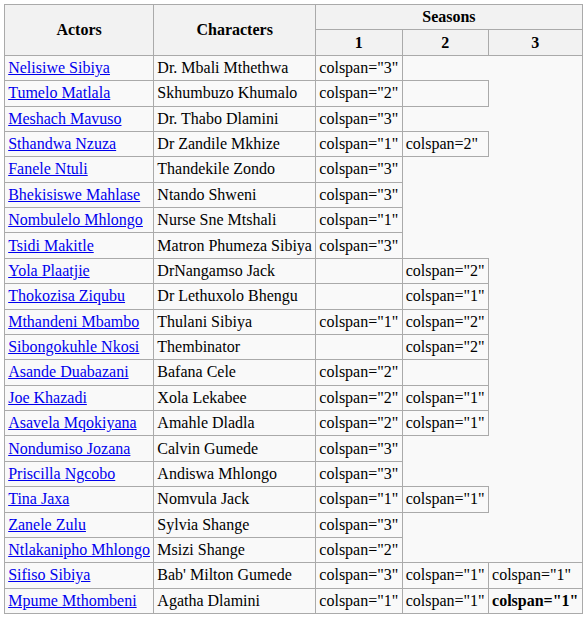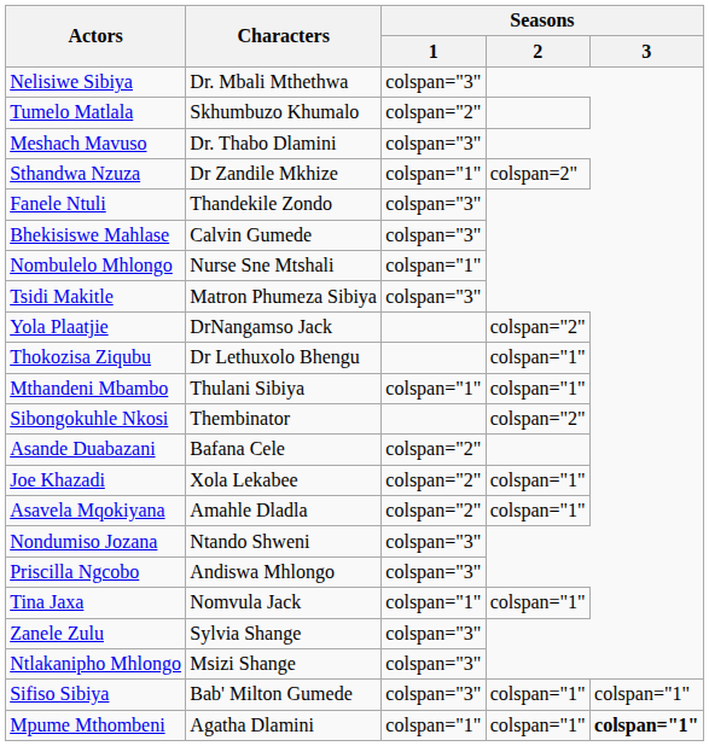 <table class="wikitable">
 <tr>
 <th rowspan="2">Actors</th>
 <th rowspan="2">Characters</th>
 <th colspan="3">Seasons</th>
 </tr>
 <tr>
 <th>1</th>
 <th>2</th>
 <th>3</th>
 </tr>
 <tr>
 <td><a href='#'>Nelisiwe Sibiya</a></td>
 <td>Dr. Mbali Mthethwa</td>
 <td>colspan="3" </td>
 </tr>
 <tr>
 <td><a href='#'>Tumelo Matlala</a></td>
 <td>Skhumbuzo Khumalo</td>
 <td>colspan="2" </td>
 <td></td>
 </tr>
 <tr>
 <td><a href='#'>Meshach Mavuso</a></td>
 <td>Dr. Thabo Dlamini</td>
 <td>colspan="3" </td>
 </tr>
 <tr>
 <td><a href='#'>Sthandwa Nzuza</a></td>
 <td>Dr Zandile Mkhize</td>
 <td>colspan="1" </td>
 <td>colspan=2" </td>
 </tr>
 <tr>
 <td><a href='#'>Fanele Ntuli</a></td>
 <td>Thandekile Zondo</td>
 <td>colspan="3" </td>
 </tr>
 <tr>
 <td><a href='#'>Bhekisiswe Mahlase</a></td>
-<td>Ntando Shweni</td>
+<td>Calvin Gumede</td>
 <td>colspan="3" </td>
 </tr>
 <tr>
 <td><a href='#'>Nombulelo Mhlongo</a></td>
 <td>Nurse Sne Mtshali</td>
 <td>colspan="1" </td>
 </tr>
 <tr>
 <td><a href='#'>Tsidi Makitle</a></td>
 <td>Matron Phumeza Sibiya</td>
 <td>colspan="3" </td>
 </tr>
 <tr>
 <td><a href='#'>Yola Plaatjie</a></td>
 <td>DrNangamso Jack</td>
 <td></td>
 <td>colspan="2" </td>
 </tr>
 <tr>
 <td><a href='#'>Thokozisa Ziqubu</a></td>
 <td>Dr Lethuxolo Bhengu</td>
 <td></td>
 <td>colspan="1" </td>
 </tr>
 <tr>
 <td><a href='#'>Mthandeni Mbambo</a></td>
 <td>Thulani Sibiya</td>
 <td>colspan="1" </td>
-<td>colspan="2" </td>
+<td>colspan="1" </td>
 </tr>
 <tr>
 <td><a href='#'>Sibongokuhle Nkosi</a></td>
 <td>Thembinator</td>
 <td></td>
 <td>colspan="2"</td>
 </tr>
 <tr>
 <td><a href='#'>Asande Duabazani</a></td>
 <td>Bafana Cele</td>
 <td>colspan="2" </td>
 <td></td>
 </tr>
 <tr>
 <td><a href='#'>Joe Khazadi</a></td>
 <td>Xola Lekabee</td>
 <td>colspan="2" </td>
 <td>colspan="1" </td>
 </tr>
 <tr>
 <td><a href='#'>Asavela Mqokiyana</a></td>
 <td>Amahle Dladla</td>
 <td>colspan="2" </td>
 <td>colspan="1" </td>
 </tr>
 <tr>
 <td><a href='#'>Nondumiso Jozana</a></td>
-<td>Calvin Gumede</td>
+<td>Ntando Shweni</td>
 <td>colspan="3" </td>
 </tr>
 <tr>
 <td><a href='#'>Priscilla Ngcobo</a></td>
 <td>Andiswa Mhlongo</td>
 <td>colspan="3" </td>
 </tr>
 <tr>
 <td><a href='#'>Tina Jaxa</a></td>
 <td>Nomvula Jack</td>
 <td>colspan="1" </td>
 <td>colspan="1" </td>
 </tr>
 <tr>
 <td><a href='#'>Zanele Zulu</a></td>
 <td>Sylvia Shange</td>
 <td>colspan="3" </td>
 </tr>
 <tr>
 <td><a href='#'>Ntlakanipho Mhlongo</a></td>
 <td>Msizi Shange</td>
-<td>colspan="2" </td>
+<td>colspan="3" </td>
 </tr>
 <tr>
 <td><a href='#'>Sifiso Sibiya</a></td>
 <td>Bab' Milton Gumede</td>
 <td>colspan="3" </td>
 <td>colspan="1" </td>
 <td>colspan="1" </td>
 </tr>
 <tr>
 <td><a href='#'>Mpume Mthombeni</a></td>
 <td>Agatha Dlamini</td>
 <td>colspan="1" </td>
 <td>colspan="1" </td>
 <td><strong>colspan="1" </strong></td>
 </tr>
 <tr>
 </tr>
 </table>
